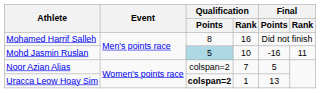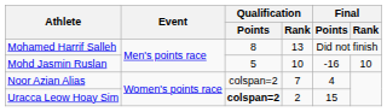 <table class=wikitable style="text-align:center; font-size:90%">
 <tr>
 <th rowspan=2>Athlete</th>
 <th rowspan=2>Event</th>
 <th colspan=2>Qualification</th>
 <th colspan=2>Final</th>
 </tr>
 <tr>
 <th>Points</th>
 <th>Rank</th>
 <th>Points</th>
 <th>Rank</th>
 </tr>
 <tr>
 <td align=left><a href='#'>Mohamed Harrif Salleh</a></td>
 <td align=left rowspan=2><a href='#'>Men's points race</a></td>
 <td>8</td>
-<td>16 <strong></strong></td>
+<td>13 <strong></strong></td>
 <td colspan=2>Did not finish</td>
 </tr>
 <tr>
 <td align=left><a href='#'>Mohd Jasmin Ruslan</a></td>
-<td style="background: lightblue;">5</td>
+<td>5</td>
 <td>10 <strong></strong></td>
 <td>-16</td>
-<td>11</td>
+<td>10</td>
 </tr>
 <tr>
 <td align=left><a href='#'>Noor Azian Alias</a></td>
 <td align=left rowspan=2><a href='#'>Women's points race</a></td>
 <td>colspan=2 </td>
 <td>7</td>
-<td>5</td>
+<td>4</td>
 </tr>
 <tr>
 <td align=left><a href='#'>Uracca Leow Hoay Sim</a></td>
 <td><strong>colspan=2 </strong></td>
-<td>1</td>
-<td>13</td>
+<td>2</td>
+<td>15</td>
 </tr>
 </table>
